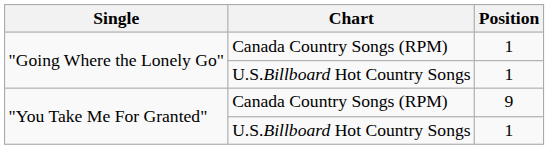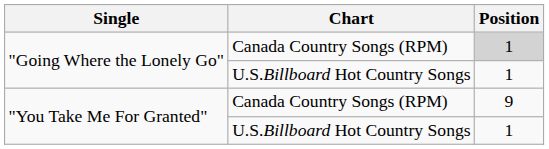 <table class="wikitable">
 <tr>
 <th>Single</th>
 <th>Chart</th>
 <th>Position</th>
 </tr>
 <tr>
 <td rowspan=2>"Going Where the Lonely Go"</td>
 <td>Canada Country Songs (RPM)<br></td>
-<td align="center">1</td>
+<td align="center" style="background: lightgrey;">1</td>
 </tr>
 <tr>
 <td>U.S.<em>Billboard</em> Hot Country Songs<br></td>
 <td align="center">1</td>
 </tr>
 <tr>
 <td rowspan=2>"You Take Me For Granted"</td>
 <td>Canada Country Songs (RPM)<br></td>
 <td align="center">9</td>
 </tr>
 <tr>
 <td>U.S.<em>Billboard</em> Hot Country Songs<br></td>
 <td align="center">1</td>
 </tr>
 </table>
